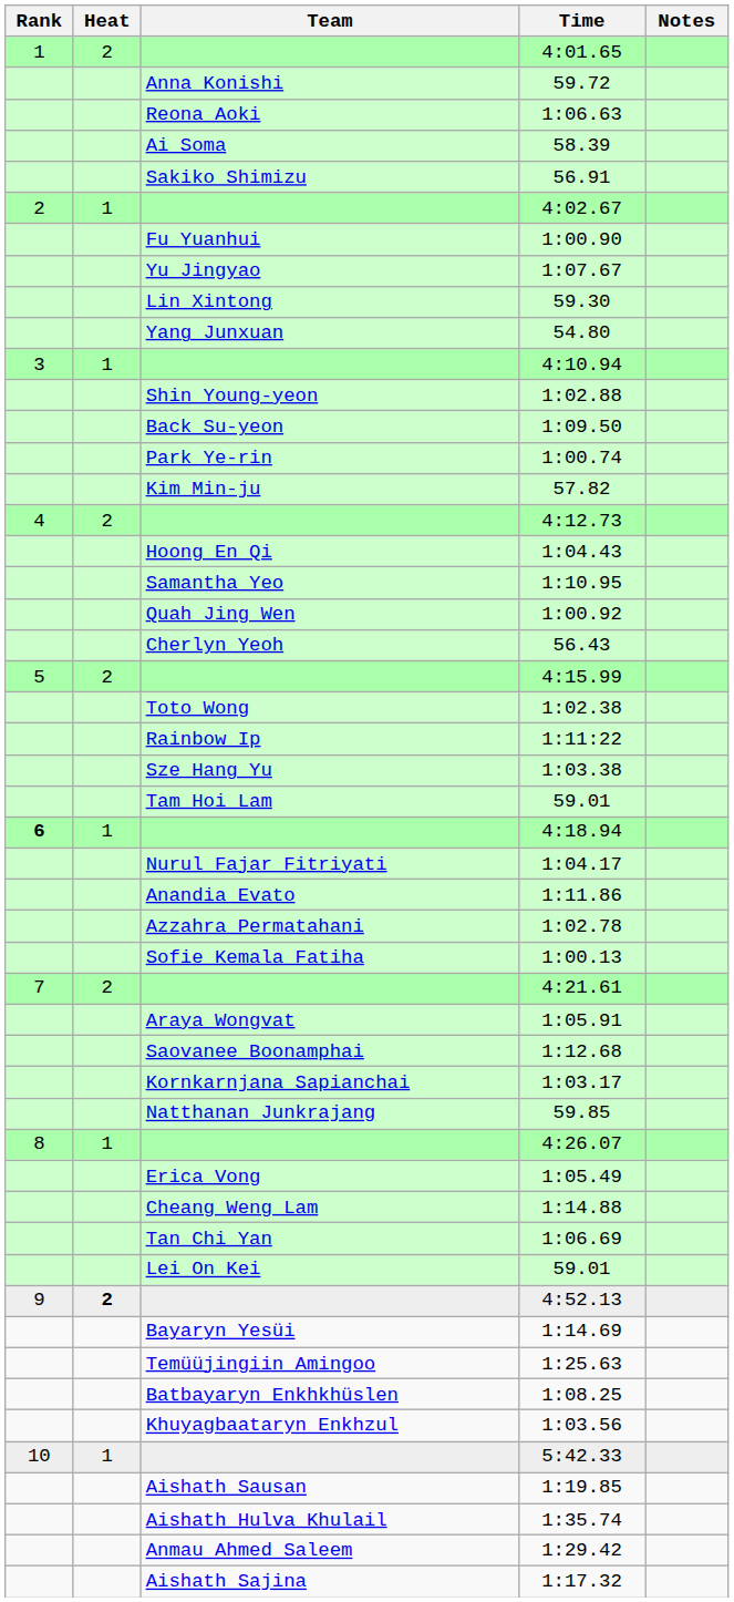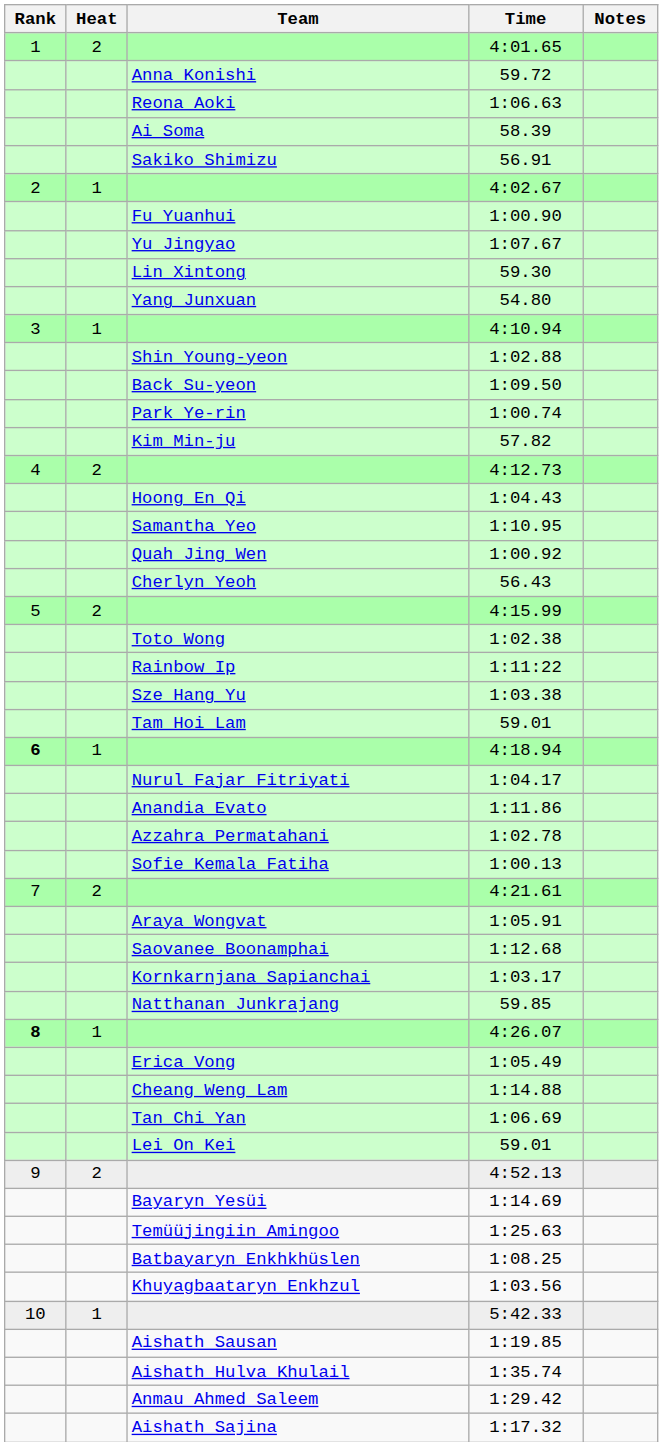 <table class="wikitable" style="text-align:center">
 <tr>
 <th width=40>Rank</th>
 <th width=40>Heat</th>
 <th width=250>Team</th>
 <th width=80>Time</th>
 <th width=50>Notes</th>
 </tr>
 <tr bgcolor="aaffaa">
 <td>1</td>
 <td>2</td>
 <td align=left></td>
 <td>4:01.65</td>
 <td></td>
 </tr>
 <tr bgcolor="ccffcc">
 <td></td>
 <td></td>
 <td align=left><a href='#'>Anna Konishi</a></td>
 <td>59.72</td>
 <td></td>
 </tr>
 <tr bgcolor="ccffcc">
 <td></td>
 <td></td>
 <td align=left><a href='#'>Reona Aoki</a></td>
 <td>1:06.63</td>
 <td></td>
 </tr>
 <tr bgcolor="ccffcc">
 <td></td>
 <td></td>
 <td align=left><a href='#'>Ai Soma</a></td>
 <td>58.39</td>
 <td></td>
 </tr>
 <tr bgcolor="ccffcc">
 <td></td>
 <td></td>
 <td align=left><a href='#'>Sakiko Shimizu</a></td>
 <td>56.91</td>
 <td></td>
 </tr>
 <tr bgcolor="aaffaa">
 <td>2</td>
 <td>1</td>
 <td align=left></td>
 <td>4:02.67</td>
 <td></td>
 </tr>
 <tr bgcolor="ccffcc">
 <td></td>
 <td></td>
 <td align=left><a href='#'>Fu Yuanhui</a></td>
 <td>1:00.90</td>
 <td></td>
 </tr>
 <tr bgcolor="ccffcc">
 <td></td>
 <td></td>
 <td align=left><a href='#'>Yu Jingyao</a></td>
 <td>1:07.67</td>
 <td></td>
 </tr>
 <tr bgcolor="ccffcc">
 <td></td>
 <td></td>
 <td align=left><a href='#'>Lin Xintong</a></td>
 <td>59.30</td>
 <td></td>
 </tr>
 <tr bgcolor="ccffcc">
 <td></td>
 <td></td>
 <td align=left><a href='#'>Yang Junxuan</a></td>
 <td>54.80</td>
 <td></td>
 </tr>
 <tr bgcolor="aaffaa">
 <td>3</td>
 <td>1</td>
 <td align=left></td>
 <td>4:10.94</td>
 <td></td>
 </tr>
 <tr bgcolor="ccffcc">
 <td></td>
 <td></td>
 <td align=left><a href='#'>Shin Young-yeon</a></td>
 <td>1:02.88</td>
 <td></td>
 </tr>
 <tr bgcolor="ccffcc">
 <td></td>
 <td></td>
 <td align=left><a href='#'>Back Su-yeon</a></td>
 <td>1:09.50</td>
 <td></td>
 </tr>
 <tr bgcolor="ccffcc">
 <td></td>
 <td></td>
 <td align=left><a href='#'>Park Ye-rin</a></td>
 <td>1:00.74</td>
 <td></td>
 </tr>
 <tr bgcolor="ccffcc">
 <td></td>
 <td></td>
 <td align=left><a href='#'>Kim Min-ju</a></td>
 <td>57.82</td>
 <td></td>
 </tr>
 <tr bgcolor="aaffaa">
 <td>4</td>
 <td>2</td>
 <td align=left></td>
 <td>4:12.73</td>
 <td></td>
 </tr>
 <tr bgcolor="ccffcc">
 <td></td>
 <td></td>
 <td align=left><a href='#'>Hoong En Qi</a></td>
 <td>1:04.43</td>
 <td></td>
 </tr>
 <tr bgcolor="ccffcc">
 <td></td>
 <td></td>
 <td align=left><a href='#'>Samantha Yeo</a></td>
 <td>1:10.95</td>
 <td></td>
 </tr>
 <tr bgcolor="ccffcc">
 <td></td>
 <td></td>
 <td align=left><a href='#'>Quah Jing Wen</a></td>
 <td>1:00.92</td>
 <td></td>
 </tr>
 <tr bgcolor="ccffcc">
 <td></td>
 <td></td>
 <td align=left><a href='#'>Cherlyn Yeoh</a></td>
 <td>56.43</td>
 <td></td>
 </tr>
 <tr bgcolor="aaffaa">
 <td>5</td>
 <td>2</td>
 <td align=left></td>
 <td>4:15.99</td>
 <td></td>
 </tr>
 <tr bgcolor="ccffcc">
 <td></td>
 <td></td>
 <td align=left><a href='#'>Toto Wong</a></td>
 <td>1:02.38</td>
 <td></td>
 </tr>
 <tr bgcolor="ccffcc">
 <td></td>
 <td></td>
 <td align=left><a href='#'>Rainbow Ip</a></td>
 <td>1:11:22</td>
 <td></td>
 </tr>
 <tr bgcolor="ccffcc">
 <td></td>
 <td></td>
 <td align=left><a href='#'>Sze Hang Yu</a></td>
 <td>1:03.38</td>
 <td></td>
 </tr>
 <tr bgcolor="ccffcc">
 <td></td>
 <td></td>
 <td align=left><a href='#'>Tam Hoi Lam</a></td>
 <td>59.01</td>
 <td></td>
 </tr>
 <tr bgcolor="aaffaa">
 <td><strong>6</strong></td>
 <td>1</td>
 <td align=left></td>
 <td>4:18.94</td>
 <td></td>
 </tr>
 <tr bgcolor="ccffcc">
 <td></td>
 <td></td>
 <td align=left><a href='#'>Nurul Fajar Fitriyati</a></td>
 <td>1:04.17</td>
 <td></td>
 </tr>
 <tr bgcolor="ccffcc">
 <td></td>
 <td></td>
 <td align=left><a href='#'>Anandia Evato</a></td>
 <td>1:11.86</td>
 <td></td>
 </tr>
 <tr bgcolor="ccffcc">
 <td></td>
 <td></td>
 <td align=left><a href='#'>Azzahra Permatahani</a></td>
 <td>1:02.78</td>
 <td></td>
 </tr>
 <tr bgcolor="ccffcc">
 <td></td>
 <td></td>
 <td align=left><a href='#'>Sofie Kemala Fatiha</a></td>
 <td>1:00.13</td>
 <td></td>
 </tr>
 <tr bgcolor="aaffaa">
 <td>7</td>
 <td>2</td>
 <td align=left></td>
 <td>4:21.61</td>
 <td></td>
 </tr>
 <tr bgcolor="ccffcc">
 <td></td>
 <td></td>
 <td align=left><a href='#'>Araya Wongvat</a></td>
 <td>1:05.91</td>
 <td></td>
 </tr>
 <tr bgcolor="ccffcc">
 <td></td>
 <td></td>
 <td align=left><a href='#'>Saovanee Boonamphai</a></td>
 <td>1:12.68</td>
 <td></td>
 </tr>
 <tr bgcolor="ccffcc">
 <td></td>
 <td></td>
 <td align=left><a href='#'>Kornkarnjana Sapianchai</a></td>
 <td>1:03.17</td>
 <td></td>
 </tr>
 <tr bgcolor="ccffcc">
 <td></td>
 <td></td>
 <td align=left><a href='#'>Natthanan Junkrajang</a></td>
 <td>59.85</td>
 <td></td>
 </tr>
 <tr bgcolor="aaffaa">
-<td>8</td>
+<td><strong>8</strong></td>
 <td>1</td>
 <td align=left></td>
 <td>4:26.07</td>
 <td></td>
 </tr>
 <tr bgcolor="ccffcc">
 <td></td>
 <td></td>
 <td align=left><a href='#'>Erica Vong</a></td>
 <td>1:05.49</td>
 <td></td>
 </tr>
 <tr bgcolor="ccffcc">
 <td></td>
 <td></td>
 <td align=left><a href='#'>Cheang Weng Lam</a></td>
 <td>1:14.88</td>
 <td></td>
 </tr>
 <tr bgcolor="ccffcc">
 <td></td>
 <td></td>
 <td align=left><a href='#'>Tan Chi Yan</a></td>
 <td>1:06.69</td>
 <td></td>
 </tr>
 <tr bgcolor="ccffcc">
 <td></td>
 <td></td>
 <td align=left><a href='#'>Lei On Kei</a></td>
 <td>59.01</td>
 <td></td>
 </tr>
 <tr bgcolor=eeeeee>
 <td>9</td>
-<td><strong>2</strong></td>
+<td>2</td>
 <td align=left></td>
 <td>4:52.13</td>
 <td></td>
 </tr>
 <tr>
 <td></td>
 <td></td>
 <td align=left><a href='#'>Bayaryn Yesüi</a></td>
 <td>1:14.69</td>
 <td></td>
 </tr>
 <tr>
 <td></td>
 <td></td>
 <td align=left><a href='#'>Temüüjingiin Amingoo</a></td>
 <td>1:25.63</td>
 <td></td>
 </tr>
 <tr>
 <td></td>
 <td></td>
 <td align=left><a href='#'>Batbayaryn Enkhkhüslen</a></td>
 <td>1:08.25</td>
 <td></td>
 </tr>
 <tr>
 <td></td>
 <td></td>
 <td align=left><a href='#'>Khuyagbaataryn Enkhzul</a></td>
 <td>1:03.56</td>
 <td></td>
 </tr>
 <tr bgcolor=eeeeee>
 <td>10</td>
 <td>1</td>
 <td align=left></td>
 <td>5:42.33</td>
 <td></td>
 </tr>
 <tr>
 <td></td>
 <td></td>
 <td align=left><a href='#'>Aishath Sausan</a></td>
 <td>1:19.85</td>
 <td></td>
 </tr>
 <tr>
 <td></td>
 <td></td>
 <td align=left><a href='#'>Aishath Hulva Khulail</a></td>
 <td>1:35.74</td>
 <td></td>
 </tr>
 <tr>
 <td></td>
 <td></td>
 <td align=left><a href='#'>Anmau Ahmed Saleem</a></td>
 <td>1:29.42</td>
 <td></td>
 </tr>
 <tr>
 <td></td>
 <td></td>
 <td align=left><a href='#'>Aishath Sajina</a></td>
 <td>1:17.32</td>
 <td></td>
 </tr>
 </table>
